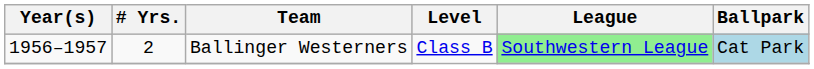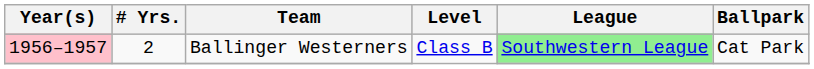 <table class="wikitable" style="text-align:center; font-size: 95%;">
 <tr>
 <th>Year(s)</th>
 <th># Yrs.</th>
 <th>Team</th>
 <th>Level</th>
 <th>League</th>
 <th>Ballpark</th>
 </tr>
 <tr>
-<td>1956–1957</td>
+<td style="background: pink;">1956–1957</td>
 <td>2</td>
 <td>Ballinger Westerners</td>
 <td rowspan=2><a href='#'>Class B</a></td>
 <td style="background: lightgreen;"><a href='#'>Southwestern League</a></td>
-<td style="background: lightblue;">Cat Park</td>
+<td>Cat Park</td>
 </tr>
 <tr>
 </tr>
 </table>
